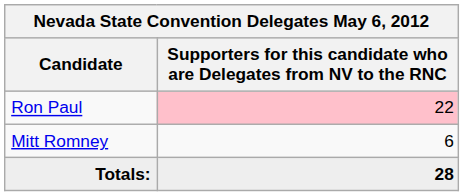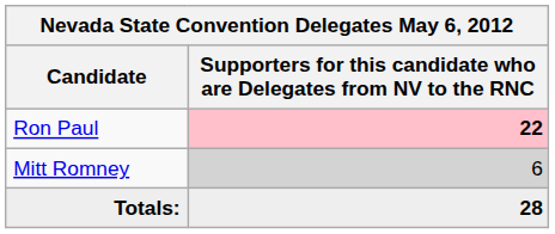 <table class="wikitable" style="font-size:12px;">
 <tr bgcolor="#e9e9e9">
 <th colspan="6" style="padding:4px;">Nevada State Convention Delegates May 6, 2012</th>
 </tr>
 <tr bgcolor="#eeeeee">
 <th rowspan="1" style="width:100px;">Candidate</th>
 <th style="width:200px; padding:4px;">Supporters for this candidate who are Delegates from NV to the RNC </th>
 </tr>
 <tr style="text-align:right;">
 <td style="text-align:left; padding:4px;"><a href='#'>Ron Paul</a></td>
-<td bgcolor="pink">22</td>
+<td bgcolor="pink"><strong>22</strong></td>
 </tr>
 <tr style="text-align:right;">
 <td style="text-align:left; padding:4px;"><a href='#'>Mitt Romney</a></td>
-<td>6</td>
+<td style="background: lightgrey;">6</td>
 </tr>
 <tr bgcolor="#EEEEEE" style="text-align:right;">
 <td style="padding:4px;"><strong>Totals:</strong></td>
 <td><strong>28</strong></td>
 </tr>
 </table>
